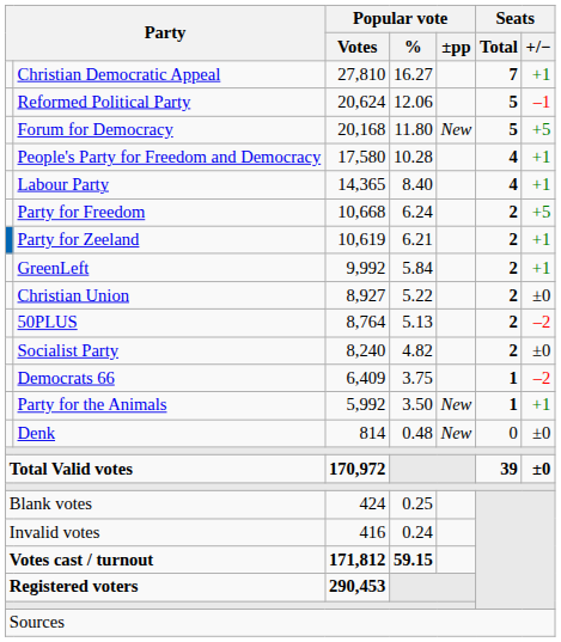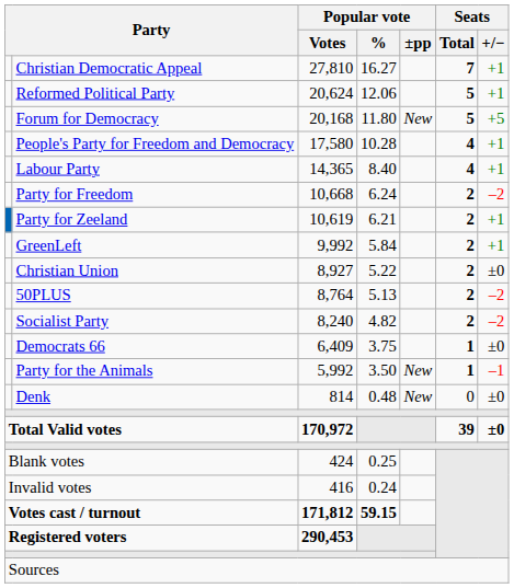 <table class="wikitable" style="text-align:right;">
 <tr>
 <th colspan=2 rowspan=2>Party</th>
 <th colspan=3>Popular vote</th>
 <th colspan=2>Seats</th>
 </tr>
 <tr>
 <th>Votes</th>
 <th>%</th>
 <th>±pp</th>
 <th>Total</th>
 <th>+/−</th>
 </tr>
 <tr>
 <td style="color:inherit;background:"></td>
 <td align="left"><a href='#'>Christian Democratic Appeal</a></td>
 <td>27,810</td>
 <td>16.27</td>
 <td></td>
 <td><strong>7</strong></td>
 <td style="color:green;">+1</td>
 </tr>
 <tr>
 <td style="color:inherit;background:"></td>
 <td align="left"><a href='#'>Reformed Political Party</a></td>
 <td>20,624</td>
 <td>12.06</td>
 <td></td>
 <td><strong>5</strong></td>
-<td style="color:red;">–1</td>
+<td style="color:green;">+1</td>
 </tr>
 <tr>
 <td style="color:inherit;background:"></td>
 <td align="left"><a href='#'>Forum for Democracy</a></td>
 <td>20,168</td>
 <td>11.80</td>
 <td><em>New</em></td>
 <td><strong>5</strong></td>
 <td style="color:green;">+5</td>
 </tr>
 <tr>
 <td style="color:inherit;background:"></td>
 <td align="left"><a href='#'>People's Party for Freedom and Democracy</a></td>
 <td>17,580</td>
 <td>10.28</td>
 <td></td>
 <td><strong>4</strong></td>
 <td style="color:green;">+1</td>
 </tr>
 <tr>
 <td style="color:inherit;background:"></td>
 <td align="left"><a href='#'>Labour Party</a></td>
 <td>14,365</td>
 <td>8.40</td>
 <td></td>
 <td><strong>4</strong></td>
 <td style="color:green;">+1</td>
 </tr>
 <tr>
 <td style="color:inherit;background:"></td>
 <td align="left"><a href='#'>Party for Freedom</a></td>
 <td>10,668</td>
 <td>6.24</td>
 <td></td>
 <td><strong>2</strong></td>
-<td style="color:green;">+5</td>
+<td style="color:red;">–2</td>
 </tr>
 <tr>
 <td style="color:inherit;background:#0166b3"></td>
 <td align="left"><a href='#'>Party for Zeeland</a></td>
 <td>10,619</td>
 <td>6.21</td>
 <td></td>
 <td><strong>2</strong></td>
 <td style="color:green;">+1</td>
 </tr>
 <tr>
 <td style="color:inherit;background:"></td>
 <td align="left"><a href='#'>GreenLeft</a></td>
 <td>9,992</td>
 <td>5.84</td>
 <td></td>
 <td><strong>2</strong></td>
 <td style="color:green;">+1</td>
 </tr>
 <tr>
 <td style="color:inherit;background:"></td>
 <td align="left"><a href='#'>Christian Union</a></td>
 <td>8,927</td>
 <td>5.22</td>
 <td></td>
 <td><strong>2</strong></td>
 <td>±0</td>
 </tr>
 <tr>
 <td style="color:inherit;background:"></td>
 <td align="left"><a href='#'>50PLUS</a></td>
 <td>8,764</td>
 <td>5.13</td>
 <td></td>
 <td><strong>2</strong></td>
 <td style="color:red;">–2</td>
 </tr>
 <tr>
 <td style="color:inherit;background:"></td>
 <td align="left"><a href='#'>Socialist Party</a></td>
 <td>8,240</td>
 <td>4.82</td>
 <td></td>
 <td><strong>2</strong></td>
-<td>±0</td>
+<td style="color:red;">–2</td>
 </tr>
 <tr>
 <td style="color:inherit;background:"></td>
 <td align="left"><a href='#'>Democrats 66</a></td>
 <td>6,409</td>
 <td>3.75</td>
 <td></td>
 <td><strong>1</strong></td>
-<td style="color:red;">–2</td>
+<td>±0</td>
 </tr>
 <tr>
 <td style="color:inherit;background:"></td>
 <td align="left"><a href='#'>Party for the Animals</a></td>
 <td>5,992</td>
 <td>3.50</td>
 <td><em>New</em></td>
 <td><strong>1</strong></td>
-<td style="color:green;">+1</td>
+<td style="color:red;">–1</td>
 </tr>
 <tr>
 <td style="color:inherit;background:"></td>
 <td align="left"><a href='#'>Denk</a></td>
 <td>814</td>
 <td>0.48</td>
 <td><em>New</em></td>
 <td>0</td>
 <td>±0</td>
 </tr>
 <tr>
 <td colspan="7" style="color:inherit;background:#E9E9E9"></td>
 </tr>
 <tr style="font-weight:bold;">
 <td align="left" colspan="2">Total Valid votes</td>
 <td>170,972</td>
 <td bgcolor="#E9E9E9" colspan="2"></td>
 <td>39</td>
 <td>±0</td>
 </tr>
 <tr>
 <td colspan="7" style="color:inherit;background:#E9E9E9"></td>
 </tr>
 <tr>
 <td align="left" colspan="2">Blank votes</td>
 <td>424</td>
 <td>0.25</td>
 <td></td>
 <td bgcolor="#E9E9E9" colspan="2" rowspan="5"></td>
 </tr>
 <tr>
 <td align="left" colspan="2">Invalid votes</td>
 <td>416</td>
 <td>0.24</td>
 <td></td>
 </tr>
 <tr style="font-weight:bold;">
 <td align="left" colspan="2">Votes cast / turnout</td>
 <td>171,812</td>
 <td>59.15</td>
 <td></td>
 </tr>
 <tr style="font-weight:bold;">
 <td align="left" colspan="2">Registered voters</td>
 <td>290,453</td>
 <td bgcolor="#E9E9E9" colspan="2"></td>
 </tr>
 <tr>
 <td colspan="7" style="color:inherit;background:#E9E9E9"></td>
 </tr>
 <tr>
 <td align="left" colspan="7">Sources </td>
 </tr>
 </table>
